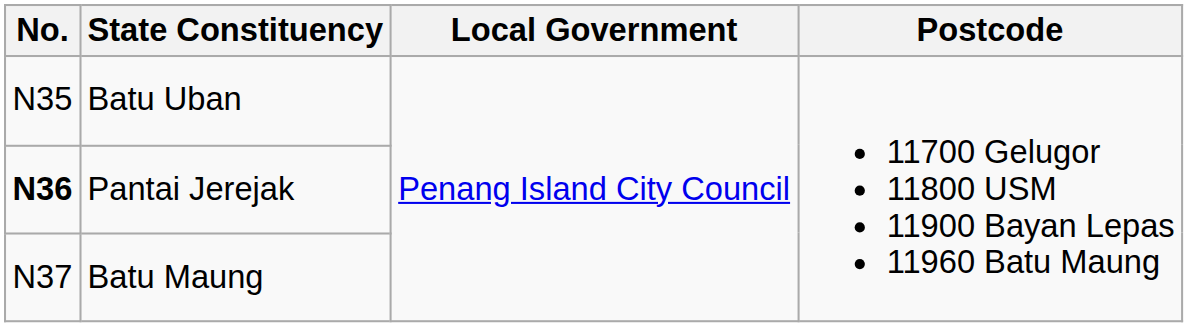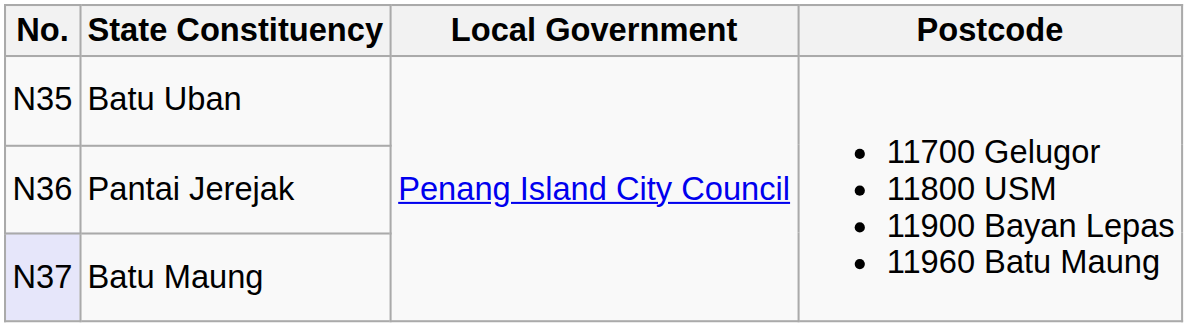 <table class="wikitable">
 <tr>
 <th>No.</th>
 <th>State Constituency</th>
 <th>Local Government</th>
 <th>Postcode</th>
 </tr>
 <tr>
 <td>N35</td>
 <td>Batu Uban</td>
 <td rowspan="3"><a href='#'>Penang Island City Council</a></td>
 <td rowspan="3"><br><ul><li>11700 Gelugor</li><li>11800 USM</li><li>11900 Bayan Lepas</li><li>11960 Batu Maung</li></ul></td>
 </tr>
 <tr>
-<td><strong>N36</strong></td>
+<td>N36</td>
 <td>Pantai Jerejak</td>
 </tr>
 <tr>
-<td>N37</td>
+<td style="background: lavender;">N37</td>
 <td>Batu Maung</td>
 </tr>
 </table>
